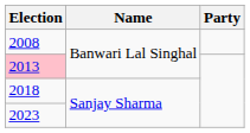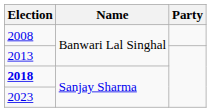 <table class="wikitable sortable">
 <tr>
 <th>Election</th>
 <th>Name</th>
 <th colspan=2>Party</th>
 </tr>
 <tr>
 <td><a href='#'>2008</a></td>
 <td rowspan=2>Banwari Lal Singhal</td>
 <td></td>
 </tr>
 <tr>
-<td style="background: pink;"><a href='#'>2013</a></td>
+<td><a href='#'>2013</a></td>
 </tr>
 <tr>
-<td><a href='#'>2018</a></td>
+<td><strong><a href='#'>2018</a></strong></td>
 <td rowspan=2><a href='#'>Sanjay Sharma</a></td>
 </tr>
 <tr>
 <td><a href='#'>2023</a></td>
 </tr>
 </table>
